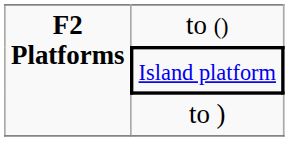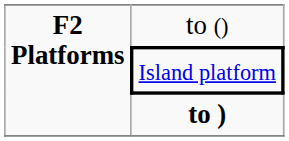 <table class="wikitable" border="0" cellspacing="0" cellpadding="3">
 <tr>
 <td style="border-bottom:solid 1px gray; border-top:solid 1px gray; text-align:center;" rowspan="4" valign=top><strong>F2<br>Platforms</strong></td>
 <td style="border-bottom:solid 0px gray; border-top:solid 1px gray; text-align:center;">  to  <small>()</small></td>
 </tr>
 <tr>
 <td style="border-right:solid 2px black; border-left:solid 2px black; border-top:solid 2px black; border-bottom:solid 2px black; text-align:center;" colspan=2><small><a href='#'>Island platform</a></small></td>
 </tr>
 <tr>
-<td style="border-bottom:solid 1px gray; text-align:center;"> to ) </td>
+<td style="border-bottom:solid 1px gray; text-align:center;"><strong> to ) </strong></td>
 </tr>
 </table>
